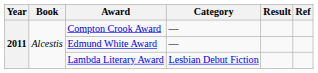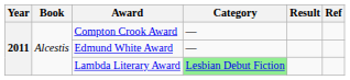 <table class="wikitable sortable">
 <tr>
 <th>Year</th>
 <th>Book</th>
 <th>Award</th>
 <th>Category</th>
 <th>Result</th>
 <th>Ref</th>
 </tr>
 <tr>
 <th rowspan="3">2011</th>
 <td rowspan="3"><em>Alcestis</em></td>
 <td><a href='#'>Compton Crook Award</a></td>
 <td>—</td>
 <td></td>
 <td></td>
 </tr>
 <tr>
 <td><a href='#'>Edmund White Award</a></td>
 <td>—</td>
 <td></td>
 <td></td>
 </tr>
 <tr>
 <td><a href='#'>Lambda Literary Award</a></td>
-<td><a href='#'>Lesbian Debut Fiction</a></td>
+<td style="background: lightgreen;"><a href='#'>Lesbian Debut Fiction</a></td>
 <td></td>
 <td></td>
 </tr>
 </table>
